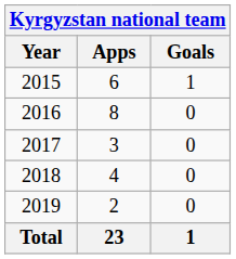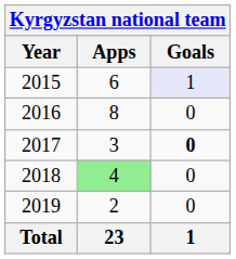 <table class="wikitable" style="text-align:center">
 <tr>
 <th colspan=3><a href='#'>Kyrgyzstan national team</a></th>
 </tr>
 <tr>
 <th>Year</th>
 <th>Apps</th>
 <th>Goals</th>
 </tr>
 <tr>
 <td>2015</td>
 <td>6</td>
-<td>1</td>
+<td style="background: lavender;">1</td>
 </tr>
 <tr>
 <td>2016</td>
 <td>8</td>
 <td>0</td>
 </tr>
 <tr>
 <td>2017</td>
 <td>3</td>
-<td>0</td>
+<td><strong>0</strong></td>
 </tr>
 <tr>
 <td>2018</td>
-<td>4</td>
+<td style="background: lightgreen;">4</td>
 <td>0</td>
 </tr>
 <tr>
 <td>2019</td>
 <td>2</td>
 <td>0</td>
 </tr>
 <tr>
 <th>Total</th>
 <th>23</th>
 <th>1</th>
 </tr>
 </table>
